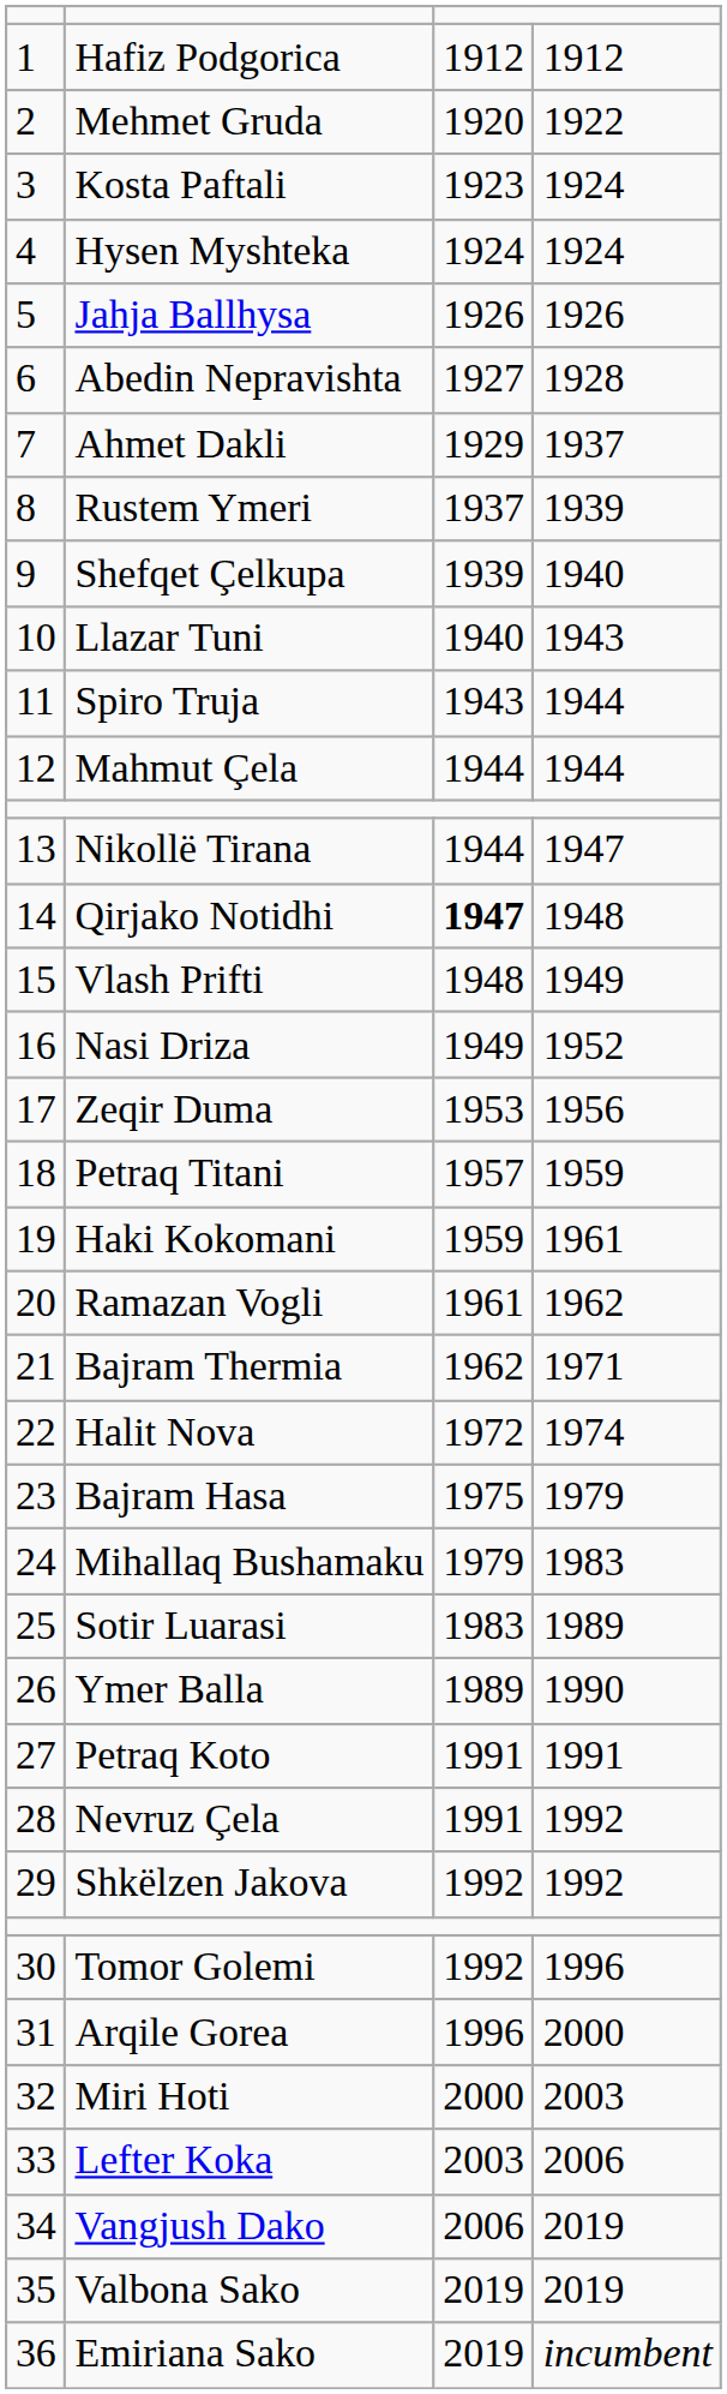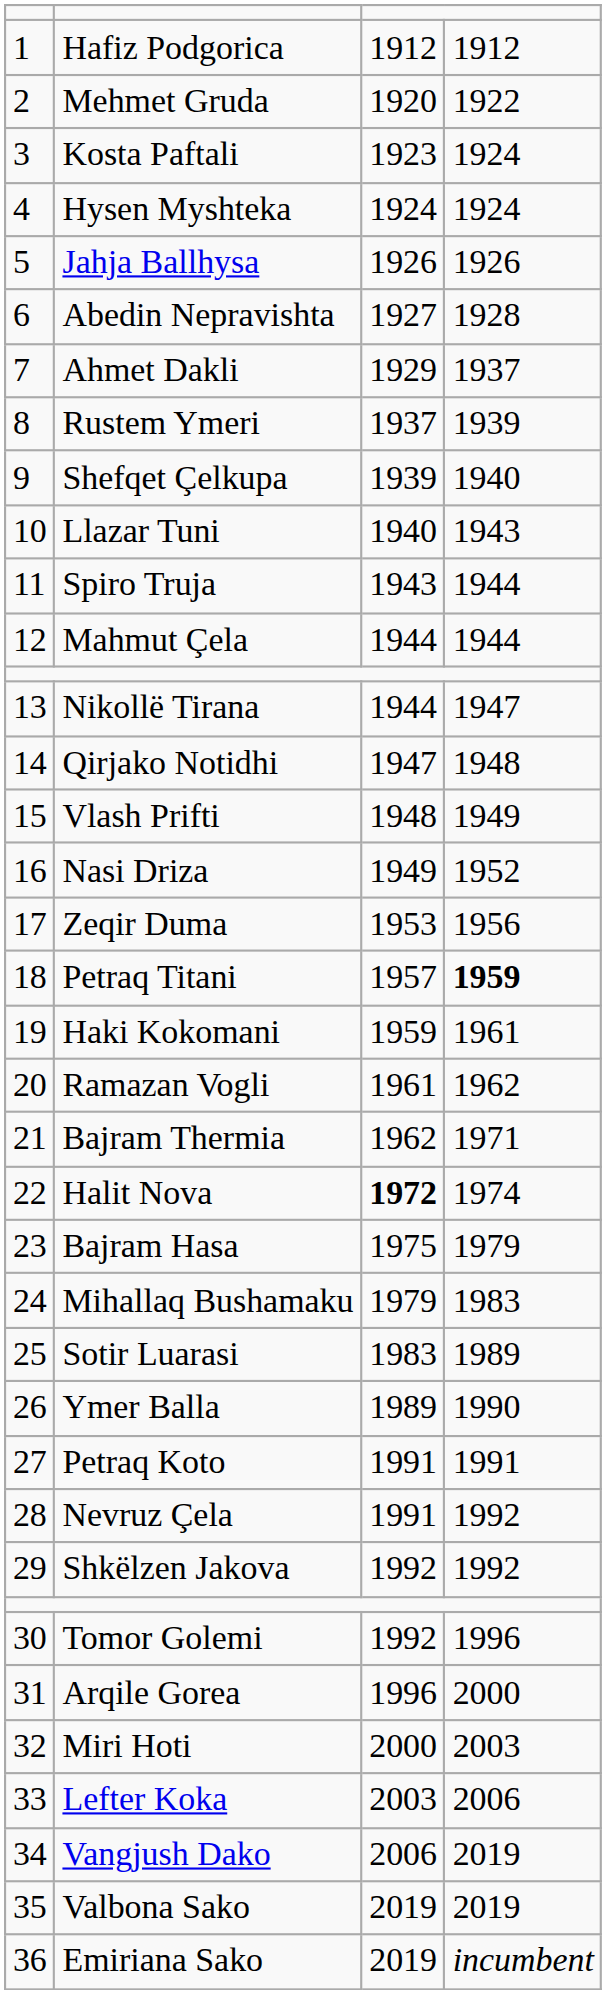 <table class="wikitable sortable">
 <tr>
 <td><strong></strong></td>
 <td><strong></strong></td>
 <td colspan="2"><strong></strong></td>
 </tr>
 <tr>
 <td>1</td>
 <td>Hafiz Podgorica</td>
 <td>1912</td>
 <td>1912</td>
 </tr>
 <tr>
 <td>2</td>
 <td>Mehmet Gruda</td>
 <td>1920</td>
 <td>1922</td>
 </tr>
 <tr>
 <td>3</td>
 <td>Kosta Paftali</td>
 <td>1923</td>
 <td>1924</td>
 </tr>
 <tr>
 <td>4</td>
 <td>Hysen Myshteka</td>
 <td>1924</td>
 <td>1924</td>
 </tr>
 <tr>
 <td>5</td>
 <td><a href='#'>Jahja Ballhysa</a></td>
 <td>1926</td>
 <td>1926</td>
 </tr>
 <tr>
 <td>6</td>
 <td>Abedin Nepravishta</td>
 <td>1927</td>
 <td>1928</td>
 </tr>
 <tr>
 <td>7</td>
 <td>Ahmet Dakli</td>
 <td>1929</td>
 <td>1937</td>
 </tr>
 <tr>
 <td>8</td>
 <td>Rustem Ymeri</td>
 <td>1937</td>
 <td>1939</td>
 </tr>
 <tr>
 <td>9</td>
 <td>Shefqet Çelkupa</td>
 <td>1939</td>
 <td>1940</td>
 </tr>
 <tr>
 <td>10</td>
 <td>Llazar Tuni</td>
 <td>1940</td>
 <td>1943</td>
 </tr>
 <tr>
 <td>11</td>
 <td>Spiro Truja</td>
 <td>1943</td>
 <td>1944</td>
 </tr>
 <tr>
 <td>12</td>
 <td>Mahmut Çela</td>
 <td>1944</td>
 <td>1944</td>
 </tr>
 <tr>
 <td colspan="8" align=center></td>
 </tr>
 <tr>
 <td>13</td>
 <td>Nikollë Tirana</td>
 <td>1944</td>
 <td>1947</td>
 </tr>
 <tr>
 <td>14</td>
 <td>Qirjako Notidhi</td>
-<td><strong>1947</strong></td>
+<td>1947</td>
 <td>1948</td>
 </tr>
 <tr>
 <td>15</td>
 <td>Vlash Prifti</td>
 <td>1948</td>
 <td>1949</td>
 </tr>
 <tr>
 <td>16</td>
 <td>Nasi Driza</td>
 <td>1949</td>
 <td>1952</td>
 </tr>
 <tr>
 <td>17</td>
 <td>Zeqir Duma</td>
 <td>1953</td>
 <td>1956</td>
 </tr>
 <tr>
 <td>18</td>
 <td>Petraq Titani</td>
 <td>1957</td>
-<td>1959</td>
+<td><strong>1959</strong></td>
 </tr>
 <tr>
 <td>19</td>
 <td>Haki Kokomani</td>
 <td>1959</td>
 <td>1961</td>
 </tr>
 <tr>
 <td>20</td>
 <td>Ramazan Vogli</td>
 <td>1961</td>
 <td>1962</td>
 </tr>
 <tr>
 <td>21</td>
 <td>Bajram Thermia</td>
 <td>1962</td>
 <td>1971</td>
 </tr>
 <tr>
 <td>22</td>
 <td>Halit Nova</td>
-<td>1972</td>
+<td><strong>1972</strong></td>
 <td>1974</td>
 </tr>
 <tr>
 <td>23</td>
 <td>Bajram Hasa</td>
 <td>1975</td>
 <td>1979</td>
 </tr>
 <tr>
 <td>24</td>
 <td>Mihallaq Bushamaku</td>
 <td>1979</td>
 <td>1983</td>
 </tr>
 <tr>
 <td>25</td>
 <td>Sotir Luarasi</td>
 <td>1983</td>
 <td>1989</td>
 </tr>
 <tr>
 <td>26</td>
 <td>Ymer Balla</td>
 <td>1989</td>
 <td>1990</td>
 </tr>
 <tr>
 <td>27</td>
 <td>Petraq Koto</td>
 <td>1991</td>
 <td>1991</td>
 </tr>
 <tr>
 <td>28</td>
 <td>Nevruz Çela</td>
 <td>1991</td>
 <td>1992</td>
 </tr>
 <tr>
 <td>29</td>
 <td>Shkëlzen Jakova</td>
 <td>1992</td>
 <td>1992</td>
 </tr>
 <tr>
 <td colspan="8" align=center></td>
 </tr>
 <tr>
 <td>30</td>
 <td>Tomor Golemi</td>
 <td>1992</td>
 <td>1996</td>
 </tr>
 <tr>
 <td>31</td>
 <td>Arqile Gorea</td>
 <td>1996</td>
 <td>2000</td>
 </tr>
 <tr>
 <td>32</td>
 <td>Miri Hoti</td>
 <td>2000</td>
 <td>2003</td>
 </tr>
 <tr>
 <td>33</td>
 <td><a href='#'>Lefter Koka</a></td>
 <td>2003</td>
 <td>2006</td>
 </tr>
 <tr>
 <td>34</td>
 <td><a href='#'>Vangjush Dako</a></td>
 <td>2006</td>
 <td>2019</td>
 </tr>
 <tr>
 <td>35</td>
 <td>Valbona Sako</td>
 <td>2019</td>
 <td>2019</td>
 </tr>
 <tr>
 <td>36</td>
 <td>Emiriana Sako</td>
 <td>2019</td>
 <td><em>incumbent</em></td>
 </tr>
 </table>
